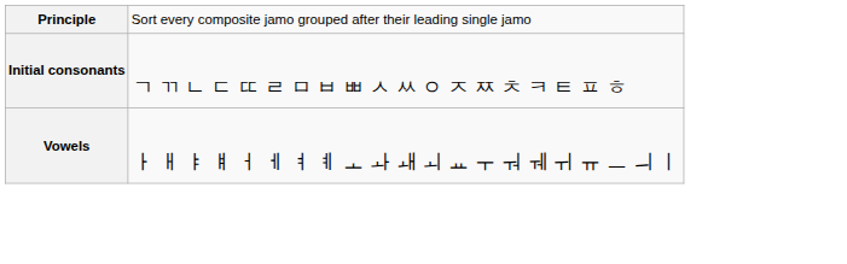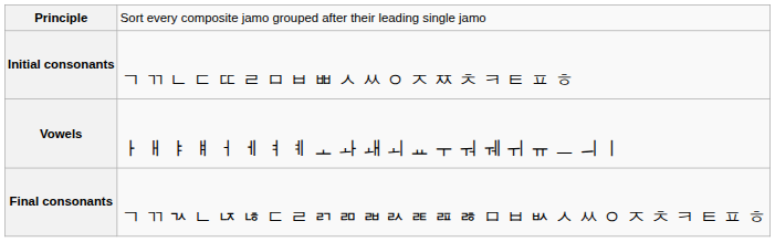 <table class="wikitable" style="line-height:1.6">
 <tr>
 <th scope="row">Principle</th>
 <td>Sort every composite jamo grouped after their leading single jamo</td>
 </tr>
 <tr>
 <th scope="row">Initial consonants</th>
 <td lang="ko" style="font-size:150%;padding:.2em"><br><span>ㄱ ㄲ</span> <span>ㄴ</span> <span>ㄷ ㄸ</span> <span>ㄹ</span> <span>ㅁ</span> <span>ㅂ ㅃ</span> <span>ㅅ ㅆ</span> <span>ㅇ</span> <span>ㅈ ㅉ</span> <span>ㅊ</span> <span>ㅋ</span> <span>ㅌ</span> <span>ㅍ</span> <span>ㅎ</span></td>
 </tr>
 <tr>
 <th scope="row">Vowels</th>
 <td lang="ko" style="font-size:150%;padding:.2em"><br><span>ㅏ ㅐ</span> <span>ㅑ ㅒ</span> <span>ㅓ ㅔ</span> <span>ㅕ ㅖ</span> <span>ㅗ ㅘ ㅙ ㅚ</span> <span>ㅛ</span> <span>ㅜ ㅝ ㅞ ㅟ</span> <span>ㅠ</span> <span>ㅡ ㅢ</span> <span>ㅣ</span></td>
 </tr>
+<tr>
+<th scope="row">Final consonants</th>
+<td lang="ko" style="font-size:150%;padding:.2em"><br><span>ㄱ ㄲ ㄳ</span> <span>ㄴ ㄵ ㄶ</span> <span>ㄷ</span> <span>ㄹ ㄺ ㄻ ㄼ ㄽ ㄾ ㄿ ㅀ</span> <span>ㅁ</span> <span>ㅂ ㅄ</span> <span>ㅅ ㅆ</span> <span>ㅇ</span> <span>ㅈ</span> <span>ㅊ</span> <span>ㅋ</span> <span>ㅌ</span> <span>ㅍ</span> <span>ㅎ</span></td>
+</tr>
 </table>
